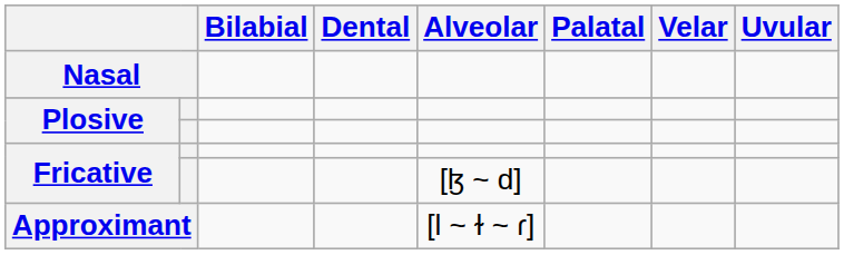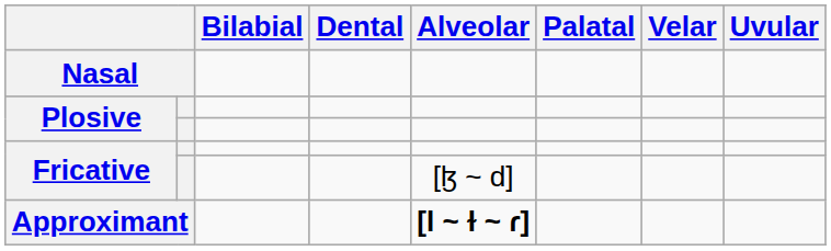 <table class="wikitable" style="text-align:center;">
 <tr>
 <th colspan="2"></th>
 <th><a href='#'>Bilabial</a></th>
 <th><a href='#'>Dental</a></th>
 <th><a href='#'>Alveolar</a></th>
 <th><a href='#'>Palatal</a></th>
 <th><a href='#'>Velar</a></th>
 <th><a href='#'>Uvular</a></th>
 </tr>
 <tr>
 <th colspan="2"><a href='#'>Nasal</a></th>
 <td></td>
 <td></td>
 <td></td>
 <td></td>
 <td></td>
 <td></td>
 </tr>
 <tr>
 <th rowspan="2"><a href='#'>Plosive</a></th>
 <th></th>
 <td></td>
 <td></td>
 <td></td>
 <td></td>
 <td></td>
 <td></td>
 </tr>
 <tr>
 <th></th>
 <td></td>
 <td></td>
 <td></td>
 <td></td>
 <td></td>
 <td></td>
 </tr>
 <tr>
 <th rowspan="2"><a href='#'>Fricative</a></th>
 <th></th>
 <td></td>
 <td></td>
 <td></td>
 <td></td>
 <td></td>
 <td></td>
 </tr>
 <tr>
 <th></th>
 <td></td>
 <td></td>
 <td> [ɮ ~ d]</td>
 <td></td>
 <td></td>
 <td></td>
 </tr>
 <tr>
 <th colspan="2"><a href='#'>Approximant</a></th>
 <td></td>
 <td></td>
-<td> [l ~ ɫ ~ ɾ]</td>
+<td><strong> [l ~ ɫ ~ ɾ]</strong></td>
 <td></td>
 <td></td>
 <td></td>
 </tr>
 </table>
